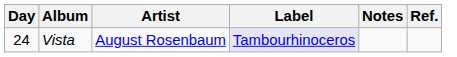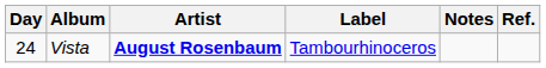 <table class="wikitable">
 <tr>
 <th>Day</th>
 <th>Album</th>
 <th>Artist</th>
 <th>Label</th>
 <th>Notes</th>
 <th>Ref.</th>
 </tr>
 <tr>
 <td rowspan="2" style="text-align:center;">24</td>
 <td><em>Vista</em></td>
-<td><a href='#'>August Rosenbaum</a></td>
-<td style="background: lavender;"><a href='#'>Tambourhinoceros</a></td>
+<td><strong><a href='#'>August Rosenbaum</a></strong></td>
+<td><a href='#'>Tambourhinoceros</a></td>
 <td></td>
 <td style="text-align:center;"></td>
 </tr>
 </table>
